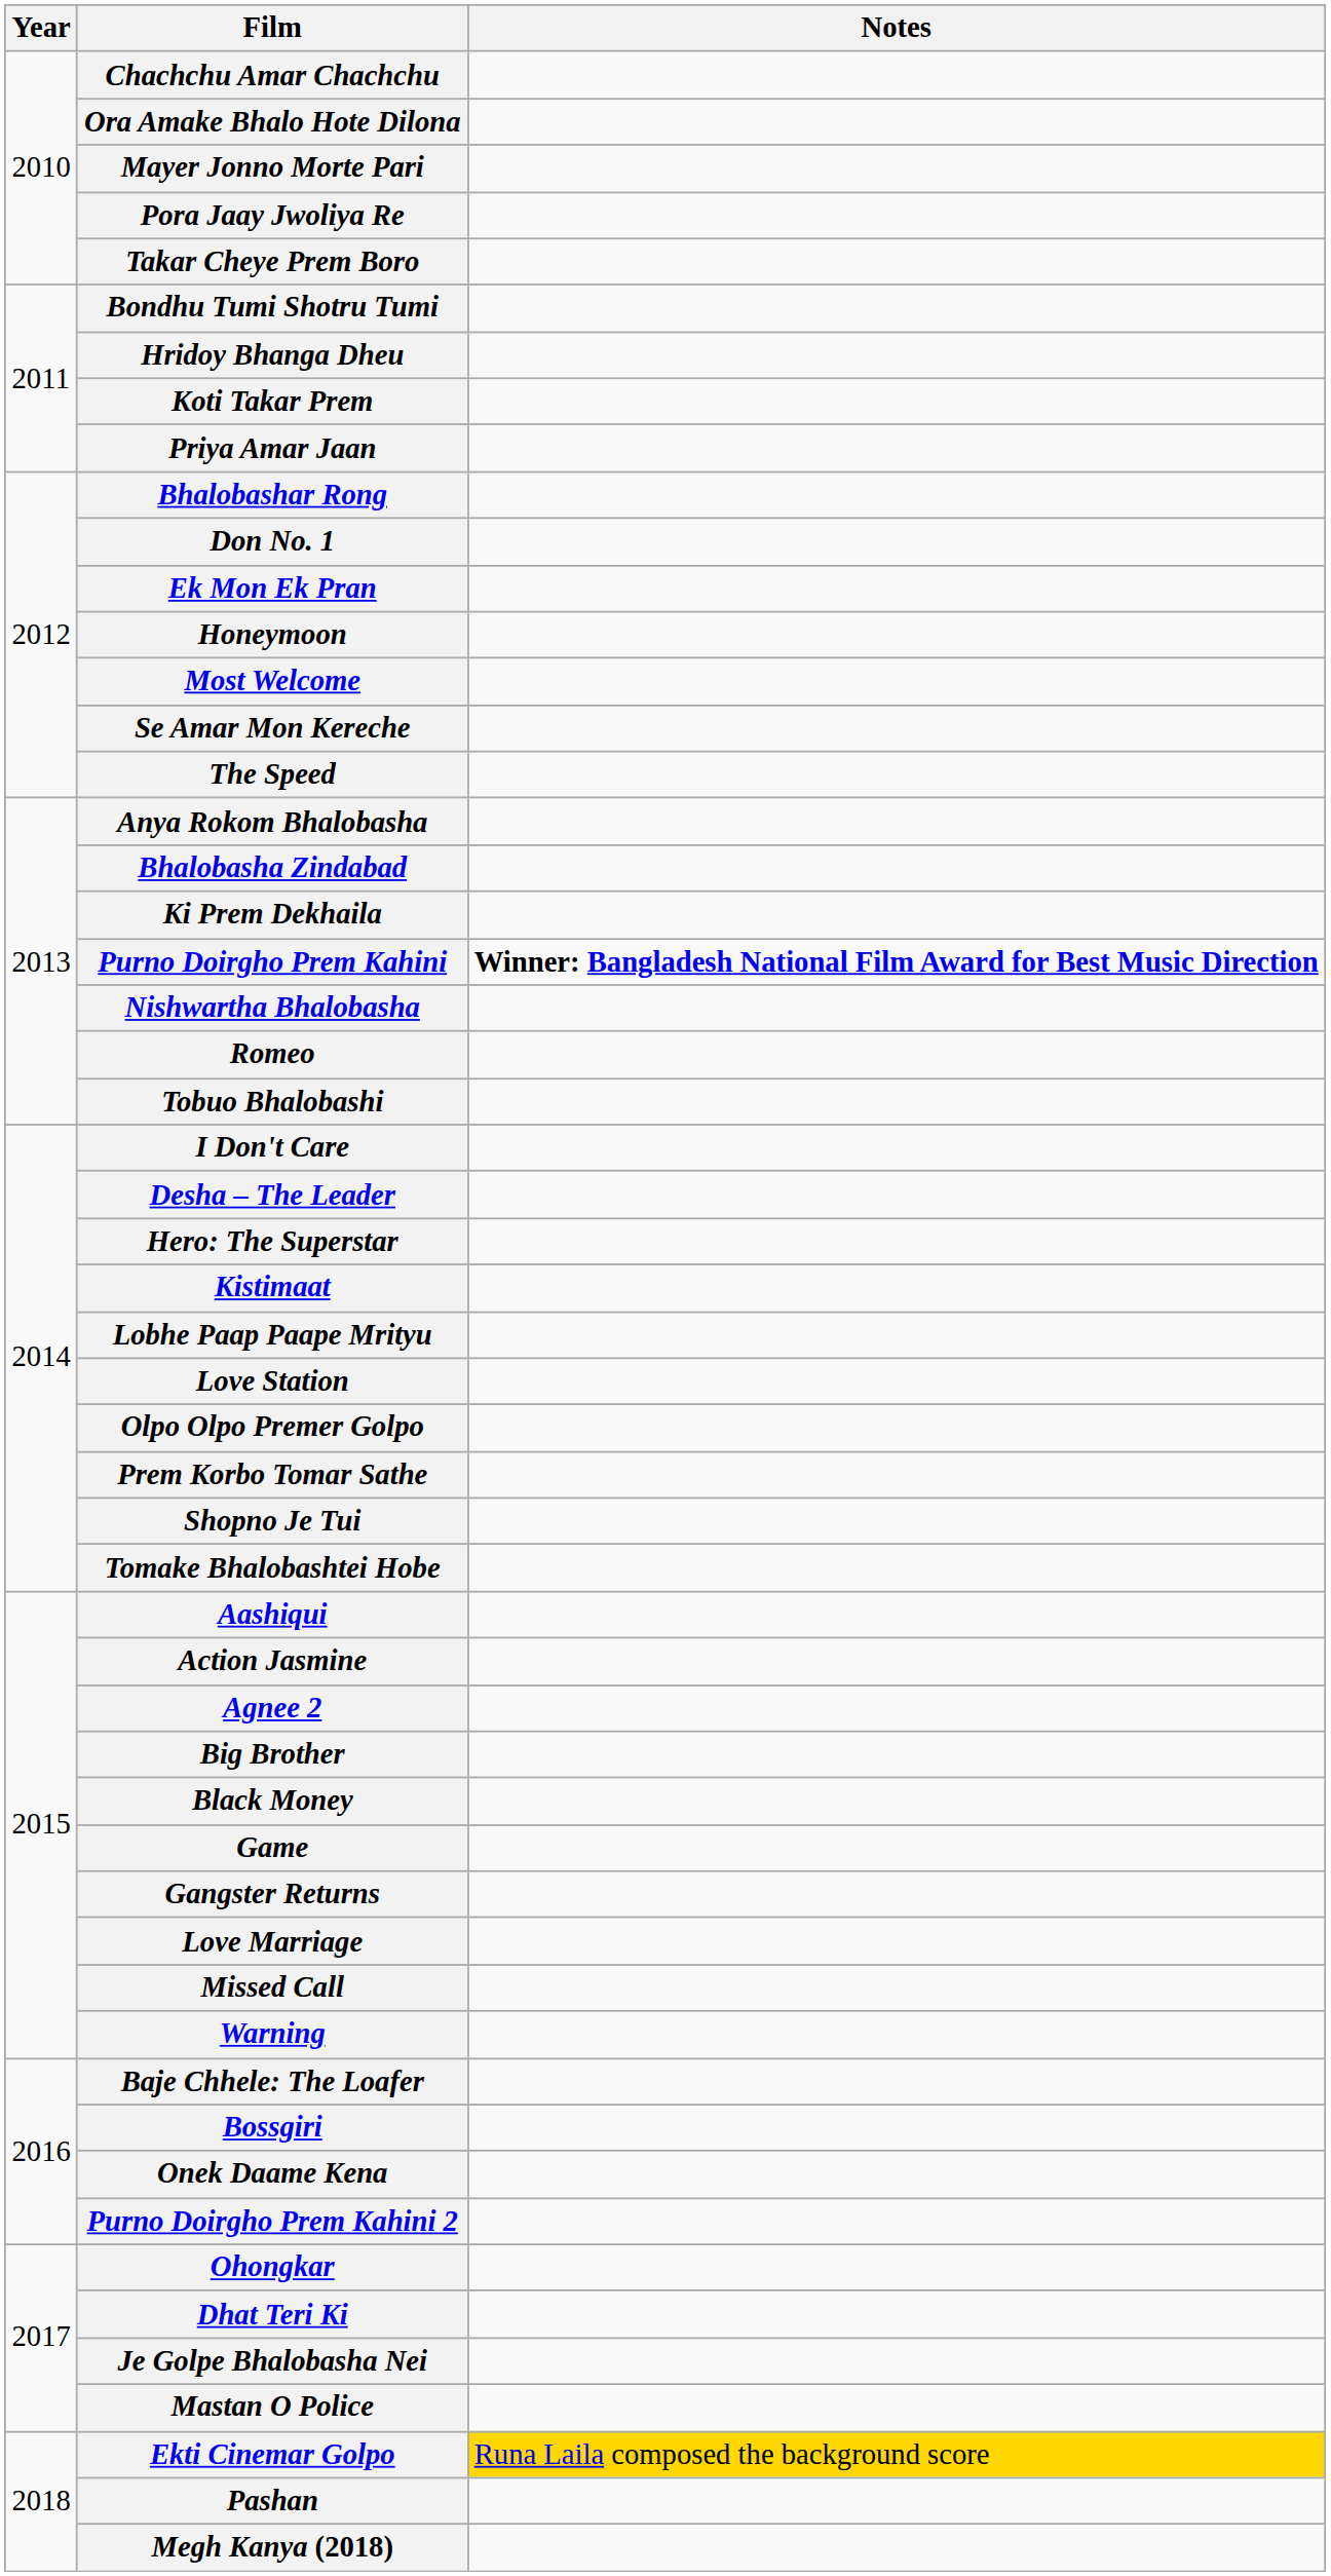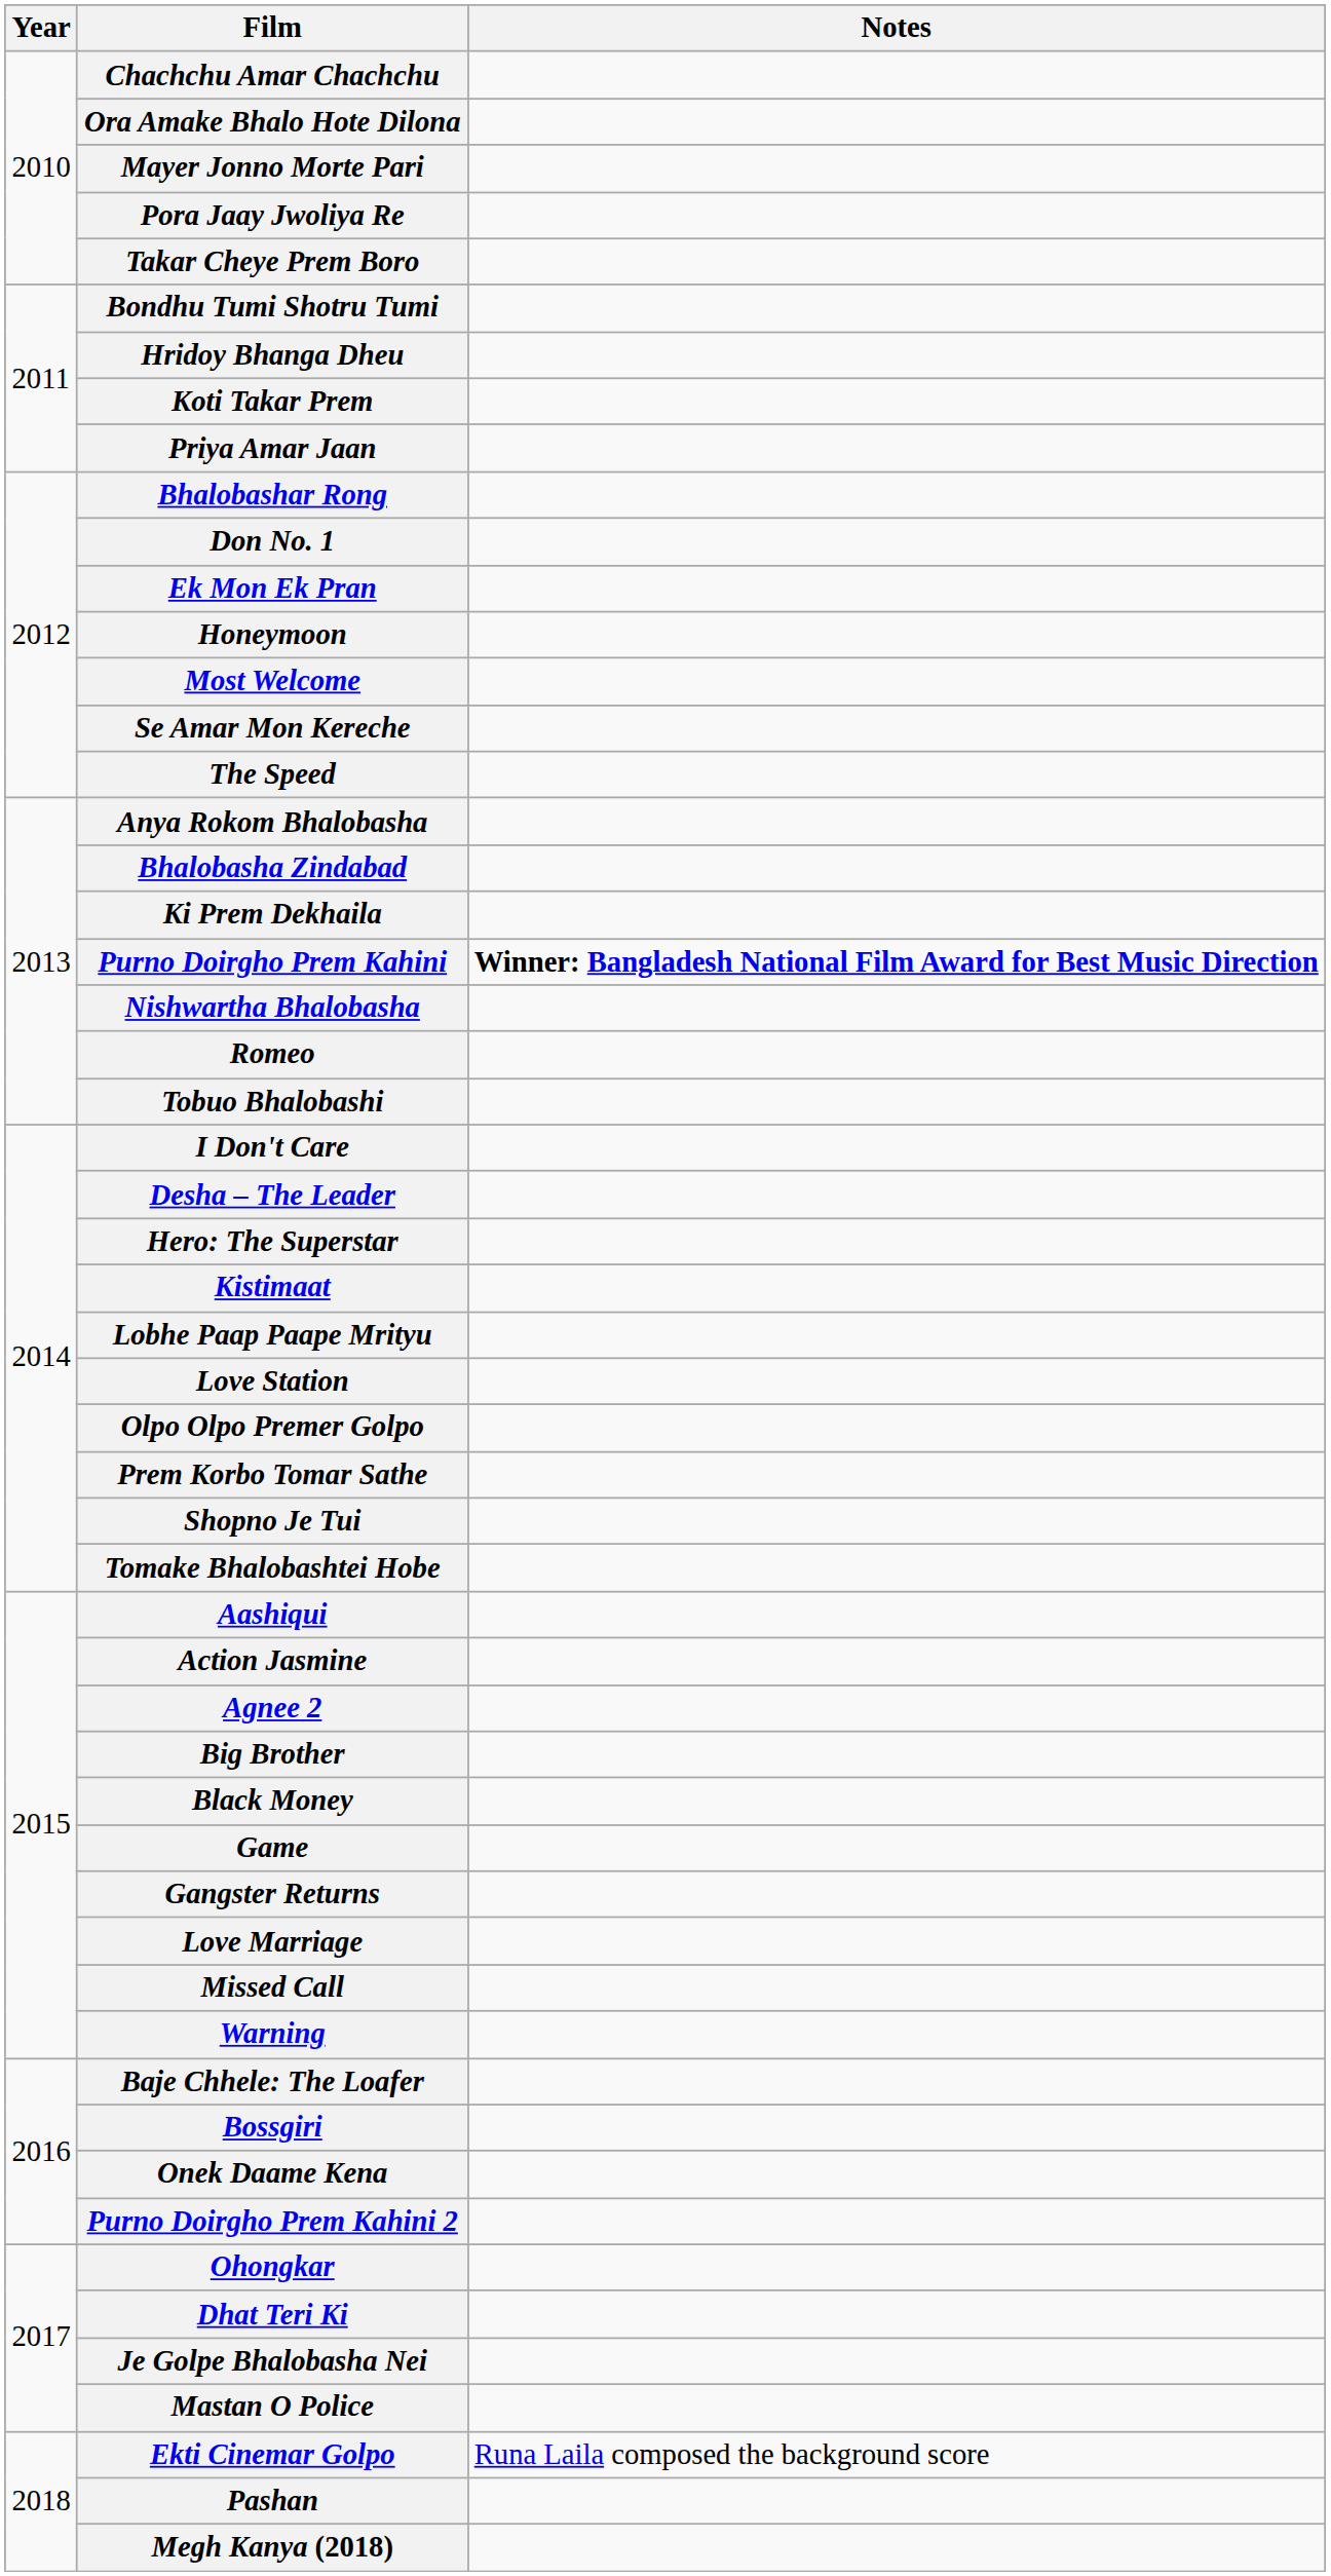 <table class="wikitable sortable">
 <tr>
 <th>Year</th>
 <th>Film</th>
 <th>Notes</th>
 </tr>
 <tr>
 <td rowspan=5>2010</td>
 <th><em>Chachchu Amar Chachchu</em></th>
 <td></td>
 </tr>
 <tr>
 <th><em>Ora Amake Bhalo Hote Dilona</em></th>
 <td></td>
 </tr>
 <tr>
 <th><em>Mayer Jonno Morte Pari</em></th>
 <td></td>
 </tr>
 <tr>
 <th><em>Pora Jaay Jwoliya Re</em></th>
 <td></td>
 </tr>
 <tr>
 <th><em>Takar Cheye Prem Boro</em></th>
 <td></td>
 </tr>
 <tr>
 <td rowspan=4>2011</td>
 <th><em>Bondhu Tumi Shotru Tumi</em></th>
 <td></td>
 </tr>
 <tr>
 <th><em>Hridoy Bhanga Dheu</em></th>
 <td></td>
 </tr>
 <tr>
 <th><em>Koti Takar Prem</em></th>
 <td></td>
 </tr>
 <tr>
 <th><em>Priya Amar Jaan</em></th>
 <td></td>
 </tr>
 <tr>
 <td rowspan=7>2012</td>
 <th><em><a href='#'>Bhalobashar Rong</a></em></th>
 <td></td>
 </tr>
 <tr>
 <th><em>Don No. 1</em></th>
 <td></td>
 </tr>
 <tr>
 <th><em><a href='#'>Ek Mon Ek Pran</a></em></th>
 <td></td>
 </tr>
 <tr>
 <th><em>Honeymoon</em></th>
 <td></td>
 </tr>
 <tr>
 <th><em><a href='#'>Most Welcome</a></em></th>
 <td></td>
 </tr>
 <tr>
 <th><em>Se Amar Mon Kereche</em></th>
 <td></td>
 </tr>
 <tr>
 <th><em>The Speed</em></th>
 <td></td>
 </tr>
 <tr>
 <td rowspan=7>2013</td>
 <th><em>Anya Rokom Bhalobasha</em></th>
 <td></td>
 </tr>
 <tr>
 <th><em><a href='#'>Bhalobasha Zindabad</a></em></th>
 <td></td>
 </tr>
 <tr>
 <th><em>Ki Prem Dekhaila</em></th>
 <td></td>
 </tr>
 <tr>
 <th><em><a href='#'>Purno Doirgho Prem Kahini</a></em></th>
 <td><strong>Winner: <a href='#'>Bangladesh National Film Award for Best Music Direction</a></strong></td>
 </tr>
 <tr>
 <th><em><a href='#'>Nishwartha Bhalobasha</a></em></th>
 <td></td>
 </tr>
 <tr>
 <th><em>Romeo</em></th>
 <td></td>
 </tr>
 <tr>
 <th><em>Tobuo Bhalobashi</em></th>
 <td></td>
 </tr>
 <tr>
 <td rowspan=10>2014</td>
 <th><em>I Don't Care</em></th>
 <td></td>
 </tr>
 <tr>
 <th><em><a href='#'>Desha – The Leader</a></em></th>
 <td></td>
 </tr>
 <tr>
 <th><em>Hero: The Superstar</em></th>
 <td></td>
 </tr>
 <tr>
 <th><em><a href='#'>Kistimaat</a></em></th>
 <td></td>
 </tr>
 <tr>
 <th><em>Lobhe Paap Paape Mrityu</em></th>
 <td></td>
 </tr>
 <tr>
 <th><em>Love Station</em></th>
 <td></td>
 </tr>
 <tr>
 <th><em>Olpo Olpo Premer Golpo</em></th>
 <td></td>
 </tr>
 <tr>
 <th><em>Prem Korbo Tomar Sathe</em></th>
 <td></td>
 </tr>
 <tr>
 <th><em>Shopno Je Tui</em></th>
 <td></td>
 </tr>
 <tr>
 <th><em>Tomake Bhalobashtei Hobe</em></th>
 <td></td>
 </tr>
 <tr>
 <td rowspan=10>2015</td>
 <th><em><a href='#'>Aashiqui</a></em></th>
 <td></td>
 </tr>
 <tr>
 <th><em>Action Jasmine</em></th>
 <td></td>
 </tr>
 <tr>
 <th><em><a href='#'>Agnee 2</a></em></th>
 <td></td>
 </tr>
 <tr>
 <th><em>Big Brother</em></th>
 <td></td>
 </tr>
 <tr>
 <th><em>Black Money</em></th>
 <td></td>
 </tr>
 <tr>
 <th><em>Game</em></th>
 <td></td>
 </tr>
 <tr>
 <th><em>Gangster Returns</em></th>
 <td></td>
 </tr>
 <tr>
 <th><em>Love Marriage</em></th>
 <td></td>
 </tr>
 <tr>
 <th><em>Missed Call</em></th>
 <td></td>
 </tr>
 <tr>
 <th><em><a href='#'>Warning</a></em></th>
 <td></td>
 </tr>
 <tr>
 <td rowspan=4>2016</td>
 <th><em>Baje Chhele: The Loafer</em><br></th>
 <td></td>
 </tr>
 <tr>
 <th><em><a href='#'>Bossgiri</a></em></th>
 <td></td>
 </tr>
 <tr>
 <th><em>Onek Daame Kena</em></th>
 <td></td>
 </tr>
 <tr>
 <th><em><a href='#'>Purno Doirgho Prem Kahini 2</a></em></th>
 <td></td>
 </tr>
 <tr>
 <td rowspan=4>2017</td>
 <th><em><a href='#'>Ohongkar</a></em></th>
 <td></td>
 </tr>
 <tr>
 <th><em><a href='#'>Dhat Teri Ki</a></em></th>
 <td></td>
 </tr>
 <tr>
 <th><em>Je Golpe Bhalobasha Nei </em></th>
 <td></td>
 </tr>
 <tr>
 <th><em>Mastan O Police</em></th>
 <td></td>
 </tr>
 <tr>
 <td rowspan=3>2018</td>
 <th><em><a href='#'>Ekti Cinemar Golpo</a></em></th>
-<td style="background: gold;"><a href='#'>Runa Laila</a> composed the background score</td>
+<td><a href='#'>Runa Laila</a> composed the background score</td>
 </tr>
 <tr>
 <th><em>Pashan</em></th>
 <td></td>
 </tr>
 <tr>
 <th><em>Megh Kanya</em> (2018)</th>
 <td></td>
 </tr>
 <tr>
 </tr>
 </table>
